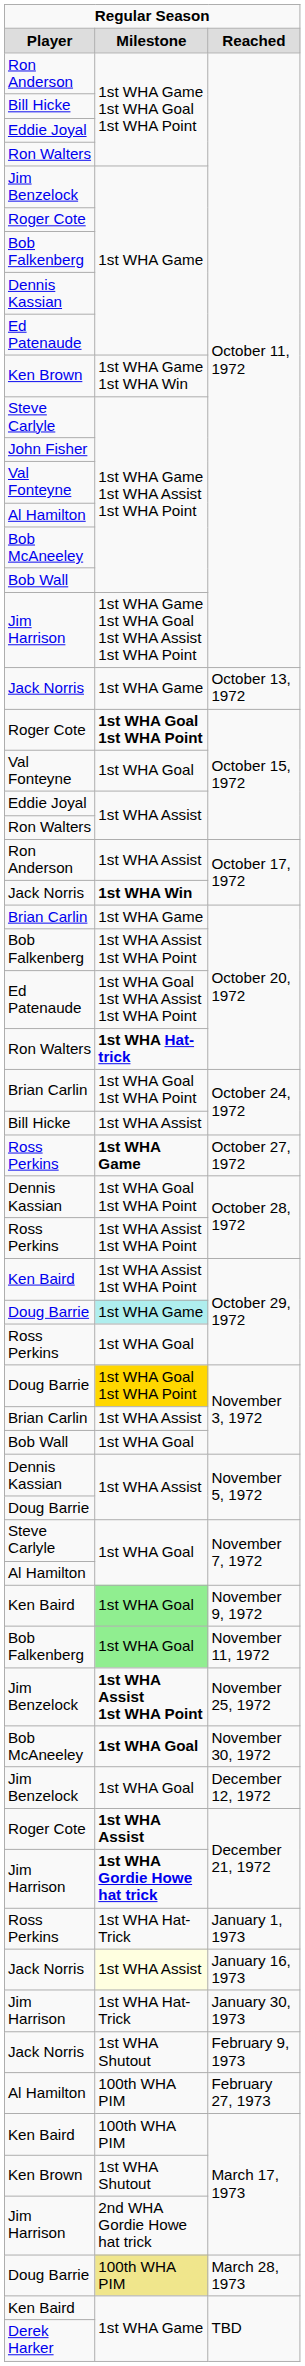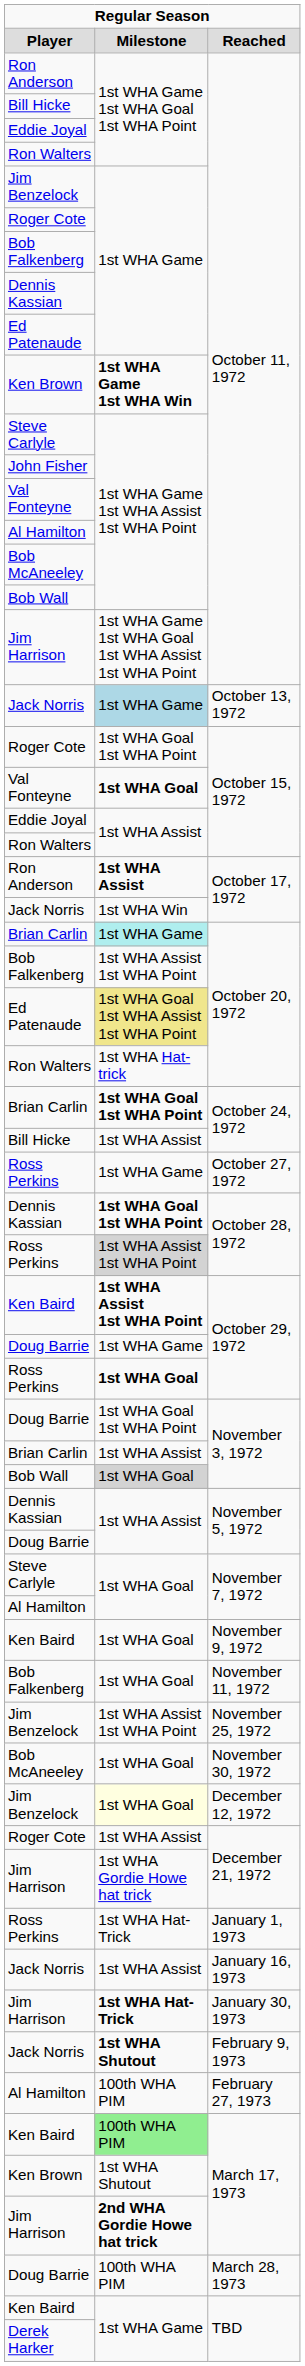 <table class="wikitable" width="50%">
 <tr>
 <td colspan="10" align="center"><strong>Regular Season</strong></td>
 </tr>
 <tr align="center"  bgcolor="#dddddd">
 <td><strong>Player</strong></td>
 <td><strong>Milestone</strong></td>
 <td><strong>Reached</strong></td>
 </tr>
 <tr>
 <td><a href='#'>Ron Anderson</a></td>
 <td rowspan="4">1st WHA Game<br>1st WHA Goal<br>1st WHA Point</td>
 <td rowspan="17">October 11, 1972</td>
 </tr>
 <tr>
 <td><a href='#'>Bill Hicke</a></td>
 </tr>
 <tr>
 <td><a href='#'>Eddie Joyal</a></td>
 </tr>
 <tr>
 <td><a href='#'>Ron Walters</a></td>
 </tr>
 <tr>
 <td><a href='#'>Jim Benzelock</a></td>
 <td rowspan="5">1st WHA Game</td>
 </tr>
 <tr>
 <td><a href='#'>Roger Cote</a></td>
 </tr>
 <tr>
 <td><a href='#'>Bob Falkenberg</a></td>
 </tr>
 <tr>
 <td><a href='#'>Dennis Kassian</a></td>
 </tr>
 <tr>
 <td><a href='#'>Ed Patenaude</a></td>
 </tr>
 <tr>
 <td><a href='#'>Ken Brown</a></td>
-<td>1st WHA Game<br>1st WHA Win</td>
+<td><strong>1st WHA Game<br>1st WHA Win</strong></td>
 </tr>
 <tr>
 <td><a href='#'>Steve Carlyle</a></td>
 <td rowspan="6">1st WHA Game<br>1st WHA Assist<br>1st WHA Point</td>
 </tr>
 <tr>
 <td><a href='#'>John Fisher</a></td>
 </tr>
 <tr>
 <td><a href='#'>Val Fonteyne</a></td>
 </tr>
 <tr>
 <td><a href='#'>Al Hamilton</a></td>
 </tr>
 <tr>
 <td><a href='#'>Bob McAneeley</a></td>
 </tr>
 <tr>
 <td><a href='#'>Bob Wall</a></td>
 </tr>
 <tr>
 <td><a href='#'>Jim Harrison</a></td>
 <td>1st WHA Game<br>1st WHA Goal<br>1st WHA Assist<br>1st WHA Point</td>
 </tr>
 <tr>
 <td><a href='#'>Jack Norris</a></td>
-<td>1st WHA Game</td>
+<td style="background: lightblue;">1st WHA Game</td>
 <td>October 13, 1972</td>
 </tr>
 <tr>
 <td>Roger Cote</td>
-<td><strong>1st WHA Goal<br>1st WHA Point</strong></td>
+<td>1st WHA Goal<br>1st WHA Point</td>
 <td rowspan="4">October 15, 1972</td>
 </tr>
 <tr>
 <td>Val Fonteyne</td>
-<td>1st WHA Goal</td>
+<td><strong>1st WHA Goal</strong></td>
 </tr>
 <tr>
 <td>Eddie Joyal</td>
 <td rowspan="2">1st WHA Assist</td>
 </tr>
 <tr>
 <td>Ron Walters</td>
 </tr>
 <tr>
 <td>Ron Anderson</td>
-<td>1st WHA Assist</td>
+<td><strong>1st WHA Assist</strong></td>
 <td rowspan="2">October 17, 1972</td>
 </tr>
 <tr>
 <td>Jack Norris</td>
-<td><strong>1st WHA Win</strong></td>
+<td>1st WHA Win</td>
 </tr>
 <tr>
 <td><a href='#'>Brian Carlin</a></td>
-<td>1st WHA Game</td>
+<td style="background: paleturquoise;">1st WHA Game</td>
 <td rowspan="4">October 20, 1972</td>
 </tr>
 <tr>
 <td>Bob Falkenberg</td>
 <td>1st WHA Assist<br>1st WHA Point</td>
 </tr>
 <tr>
 <td>Ed Patenaude</td>
-<td>1st WHA Goal<br>1st WHA Assist<br>1st WHA Point</td>
+<td style="background: khaki;">1st WHA Goal<br>1st WHA Assist<br>1st WHA Point</td>
 </tr>
 <tr>
 <td>Ron Walters</td>
-<td><strong>1st WHA <a href='#'>Hat-trick</a></strong></td>
+<td>1st WHA <a href='#'>Hat-trick</a></td>
 </tr>
 <tr>
 <td>Brian Carlin</td>
-<td>1st WHA Goal<br>1st WHA Point</td>
+<td><strong>1st WHA Goal<br>1st WHA Point</strong></td>
 <td rowspan="2">October 24, 1972</td>
 </tr>
 <tr>
 <td>Bill Hicke</td>
 <td>1st WHA Assist</td>
 </tr>
 <tr>
 <td><a href='#'>Ross Perkins</a></td>
-<td><strong>1st WHA Game</strong></td>
+<td>1st WHA Game</td>
 <td>October 27, 1972</td>
 </tr>
 <tr>
 <td>Dennis Kassian</td>
-<td>1st WHA Goal<br>1st WHA Point</td>
+<td><strong>1st WHA Goal<br>1st WHA Point</strong></td>
 <td rowspan="2">October 28, 1972</td>
 </tr>
 <tr>
 <td>Ross Perkins</td>
-<td>1st WHA Assist<br>1st WHA Point</td>
+<td style="background: lightgrey;">1st WHA Assist<br>1st WHA Point</td>
 </tr>
 <tr>
 <td><a href='#'>Ken Baird</a></td>
-<td>1st WHA Assist<br>1st WHA Point</td>
+<td><strong>1st WHA Assist<br>1st WHA Point</strong></td>
 <td rowspan="3">October 29, 1972</td>
 </tr>
 <tr>
 <td><a href='#'>Doug Barrie</a></td>
-<td style="background: paleturquoise;">1st WHA Game</td>
+<td>1st WHA Game</td>
 </tr>
 <tr>
 <td>Ross Perkins</td>
-<td>1st WHA Goal</td>
+<td><strong>1st WHA Goal</strong></td>
 </tr>
 <tr>
 <td>Doug Barrie</td>
-<td style="background: gold;">1st WHA Goal<br>1st WHA Point</td>
+<td>1st WHA Goal<br>1st WHA Point</td>
 <td rowspan="3">November 3, 1972</td>
 </tr>
 <tr>
 <td>Brian Carlin</td>
 <td>1st WHA Assist</td>
 </tr>
 <tr>
 <td>Bob Wall</td>
-<td>1st WHA Goal</td>
+<td style="background: lightgrey;">1st WHA Goal</td>
 </tr>
 <tr>
 <td>Dennis Kassian</td>
 <td rowspan="2">1st WHA Assist</td>
 <td rowspan="2">November 5, 1972</td>
 </tr>
 <tr>
 <td>Doug Barrie</td>
 </tr>
 <tr>
 <td>Steve Carlyle</td>
 <td rowspan="2">1st WHA Goal</td>
 <td rowspan="2">November 7, 1972</td>
 </tr>
 <tr>
 <td>Al Hamilton</td>
 </tr>
 <tr>
 <td>Ken Baird</td>
-<td style="background: lightgreen;">1st WHA Goal</td>
+<td>1st WHA Goal</td>
 <td>November 9, 1972</td>
 </tr>
 <tr>
 <td>Bob Falkenberg</td>
-<td style="background: lightgreen;">1st WHA Goal</td>
+<td>1st WHA Goal</td>
 <td>November 11, 1972</td>
 </tr>
 <tr>
 <td>Jim Benzelock</td>
-<td><strong>1st WHA Assist<br>1st WHA Point</strong></td>
+<td>1st WHA Assist<br>1st WHA Point</td>
 <td>November 25, 1972</td>
 </tr>
 <tr>
 <td>Bob McAneeley</td>
-<td><strong>1st WHA Goal</strong></td>
+<td>1st WHA Goal</td>
 <td>November 30, 1972</td>
 </tr>
 <tr>
 <td>Jim Benzelock</td>
-<td>1st WHA Goal</td>
+<td style="background: lightyellow;">1st WHA Goal</td>
 <td>December 12, 1972</td>
 </tr>
 <tr>
 <td>Roger Cote</td>
-<td><strong>1st WHA Assist</strong></td>
+<td>1st WHA Assist</td>
 <td rowspan="2">December 21, 1972</td>
 </tr>
 <tr>
 <td>Jim Harrison</td>
-<td><strong>1st WHA <a href='#'>Gordie Howe hat trick</a></strong></td>
+<td>1st WHA <a href='#'>Gordie Howe hat trick</a></td>
 </tr>
 <tr>
 <td>Ross Perkins</td>
 <td>1st WHA Hat-Trick</td>
 <td>January 1, 1973</td>
 </tr>
 <tr>
 <td>Jack Norris</td>
-<td style="background: lightyellow;">1st WHA Assist</td>
+<td>1st WHA Assist</td>
 <td>January 16, 1973</td>
 </tr>
 <tr>
 <td>Jim Harrison</td>
-<td>1st WHA Hat-Trick</td>
+<td><strong>1st WHA Hat-Trick</strong></td>
 <td>January 30, 1973</td>
 </tr>
 <tr>
 <td>Jack Norris</td>
-<td>1st WHA Shutout</td>
+<td><strong>1st WHA Shutout</strong></td>
 <td>February 9, 1973</td>
 </tr>
 <tr>
 <td>Al Hamilton</td>
 <td>100th WHA PIM</td>
 <td>February 27, 1973</td>
 </tr>
 <tr>
 <td>Ken Baird</td>
-<td>100th WHA PIM</td>
+<td style="background: lightgreen;">100th WHA PIM</td>
 <td rowspan="3">March 17, 1973</td>
 </tr>
 <tr>
 <td>Ken Brown</td>
 <td>1st WHA Shutout</td>
 </tr>
 <tr>
 <td>Jim Harrison</td>
-<td>2nd WHA Gordie Howe hat trick</td>
+<td><strong>2nd WHA Gordie Howe hat trick</strong></td>
 </tr>
 <tr>
 <td>Doug Barrie</td>
-<td style="background: khaki;">100th WHA PIM</td>
+<td>100th WHA PIM</td>
 <td>March 28, 1973</td>
 </tr>
 <tr>
 <td>Ken Baird</td>
 <td rowspan="2">1st WHA Game</td>
 <td rowspan="2">TBD</td>
 </tr>
 <tr>
 <td><a href='#'>Derek Harker</a></td>
 </tr>
 </table>
